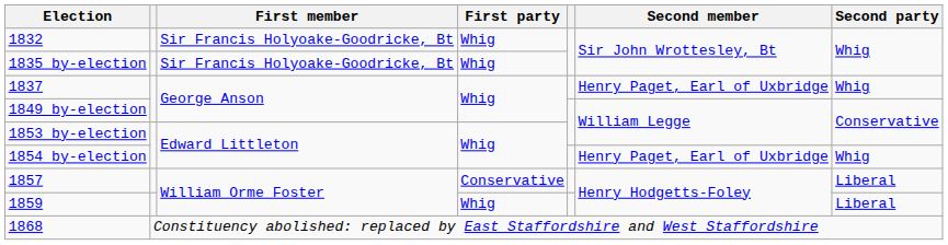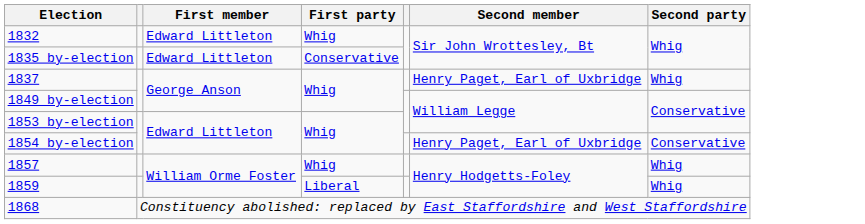 <table class="wikitable">
 <tr>
 <th>Election</th>
 <th></th>
 <th>First member</th>
 <th>First party</th>
 <th></th>
 <th>Second member</th>
 <th>Second party</th>
 </tr>
 <tr>
 <td><a href='#'>1832</a></td>
 <td style="color:inherit;background-color: "></td>
-<td><a href='#'>Sir Francis Holyoake-Goodricke, Bt</a></td>
+<td><a href='#'>Edward Littleton</a></td>
 <td><a href='#'>Whig</a></td>
 <td rowspan="2" style="color:inherit;background-color: "></td>
 <td rowspan="2"><a href='#'>Sir John Wrottesley, Bt</a></td>
 <td rowspan="2"><a href='#'>Whig</a></td>
 </tr>
 <tr>
 <td><a href='#'>1835 by-election</a></td>
 <td style="color:inherit;background-color: "></td>
-<td><a href='#'>Sir Francis Holyoake-Goodricke, Bt</a></td>
-<td><a href='#'>Whig</a></td>
+<td><a href='#'>Edward Littleton</a></td>
+<td><a href='#'>Conservative</a></td>
 </tr>
 <tr>
 <td><a href='#'>1837</a></td>
 <td rowspan="2" style="color:inherit;background-color: "></td>
 <td rowspan="2"><a href='#'>George Anson</a></td>
 <td rowspan="2"><a href='#'>Whig</a></td>
 <td style="color:inherit;background-color: "></td>
 <td><a href='#'>Henry Paget, Earl of Uxbridge</a></td>
 <td><a href='#'>Whig</a></td>
 </tr>
 <tr>
 <td><a href='#'>1849 by-election</a></td>
 <td rowspan="2" style="color:inherit;background-color: "></td>
 <td rowspan="2"><a href='#'>William Legge</a></td>
 <td rowspan="2"><a href='#'>Conservative</a></td>
 </tr>
 <tr>
 <td><a href='#'>1853 by-election</a></td>
 <td rowspan="2" style="color:inherit;background-color: "></td>
 <td rowspan="2"><a href='#'>Edward Littleton</a></td>
 <td rowspan="2"><a href='#'>Whig</a></td>
 </tr>
 <tr>
 <td><a href='#'>1854 by-election</a></td>
 <td style="color:inherit;background-color: "></td>
 <td><a href='#'>Henry Paget, Earl of Uxbridge</a></td>
-<td><a href='#'>Whig</a></td>
+<td><a href='#'>Conservative</a></td>
 </tr>
 <tr>
 <td><a href='#'>1857</a></td>
 <td style="color:inherit;background-color: "></td>
 <td rowspan="2"><a href='#'>William Orme Foster</a></td>
-<td><a href='#'>Conservative</a></td>
+<td><a href='#'>Whig</a></td>
 <td style="color:inherit;background-color: "></td>
 <td rowspan="2"><a href='#'>Henry Hodgetts-Foley</a></td>
-<td><a href='#'>Liberal</a></td>
+<td><a href='#'>Whig</a></td>
 </tr>
 <tr>
 <td><a href='#'>1859</a></td>
 <td style="color:inherit;background-color: "></td>
+<td><a href='#'>Liberal</a></td>
+<td style="color:inherit;background-color: "></td>
 <td><a href='#'>Whig</a></td>
-<td style="color:inherit;background-color: "></td>
-<td><a href='#'>Liberal</a></td>
 </tr>
 <tr>
 <td><a href='#'>1868</a></td>
 <td colspan="6"><em>Constituency abolished: replaced by <a href='#'>East Staffordshire</a> and <a href='#'>West Staffordshire</a></em></td>
 </tr>
 </table>
